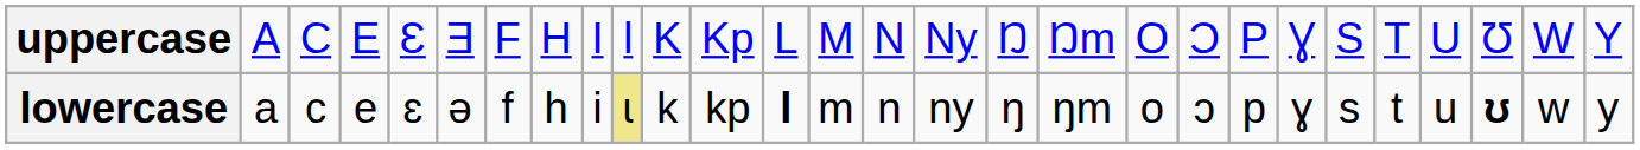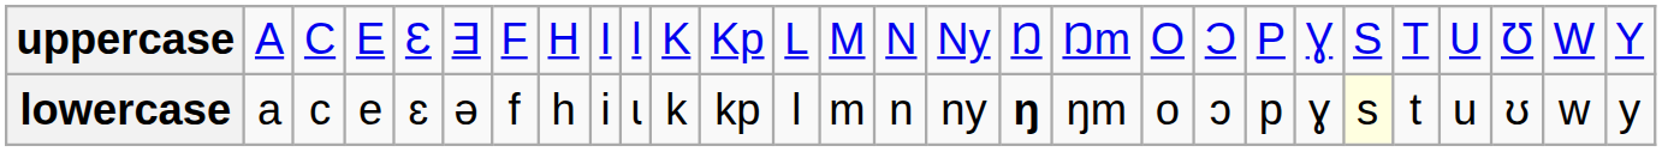 <table class="wikitable" style="text-align: center; vertical-align: middle;">
 <tr ---->
 <th>uppercase</th>
 <td><a href='#'>A</a></td>
 <td><a href='#'>C</a></td>
 <td><a href='#'>E</a></td>
 <td><a href='#'>Ɛ</a></td>
 <td><a href='#'>Ǝ</a></td>
 <td><a href='#'>F</a></td>
 <td><a href='#'>H</a></td>
 <td><a href='#'>I</a></td>
 <td><a href='#'>Ɩ</a></td>
 <td><a href='#'>K</a></td>
 <td><a href='#'>Kp</a></td>
 <td><a href='#'>L</a></td>
 <td><a href='#'>M</a></td>
 <td><a href='#'>N</a></td>
 <td><a href='#'>Ny</a></td>
 <td><a href='#'>Ŋ</a></td>
 <td><a href='#'>Ŋm</a></td>
 <td><a href='#'>O</a></td>
 <td><a href='#'>Ɔ</a></td>
 <td><a href='#'>P</a></td>
 <td><a href='#'>Ɣ</a></td>
 <td><a href='#'>S</a></td>
 <td><a href='#'>T</a></td>
 <td><a href='#'>U</a></td>
 <td><a href='#'>Ʊ</a></td>
 <td><a href='#'>W</a></td>
 <td><a href='#'>Y</a></td>
 </tr>
 <tr ---->
 <th>lowercase</th>
 <td>a</td>
 <td>c</td>
 <td>e</td>
 <td>ɛ</td>
 <td>ǝ</td>
 <td>f</td>
 <td>h</td>
 <td>i</td>
-<td style="background: khaki;">ɩ</td>
+<td>ɩ</td>
 <td>k</td>
 <td>kp</td>
-<td><strong>l</strong></td>
+<td>l</td>
 <td>m</td>
 <td>n</td>
 <td>ny</td>
-<td>ŋ</td>
+<td><strong>ŋ</strong></td>
 <td>ŋm</td>
 <td>o</td>
 <td>ɔ</td>
 <td>p</td>
 <td>ɣ</td>
-<td>s</td>
+<td style="background: lightyellow;">s</td>
 <td>t</td>
 <td>u</td>
-<td><strong>ʊ</strong></td>
+<td>ʊ</td>
 <td>w</td>
 <td>y</td>
 </tr>
 </table>
